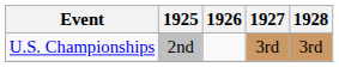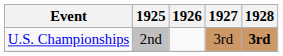 <table class="wikitable">
 <tr>
 <th>Event</th>
 <th>1925</th>
 <th>1926</th>
 <th>1927</th>
 <th>1928</th>
 </tr>
 <tr>
 <td><a href='#'>U.S. Championships</a></td>
 <td align="center" bgcolor="silver">2nd</td>
 <td></td>
 <td align="center" bgcolor="cc9966">3rd</td>
-<td align="center" bgcolor="cc9966">3rd</td>
+<td align="center" bgcolor="cc9966"><strong>3rd</strong></td>
 </tr>
 <tr>
 </tr>
 </table>
